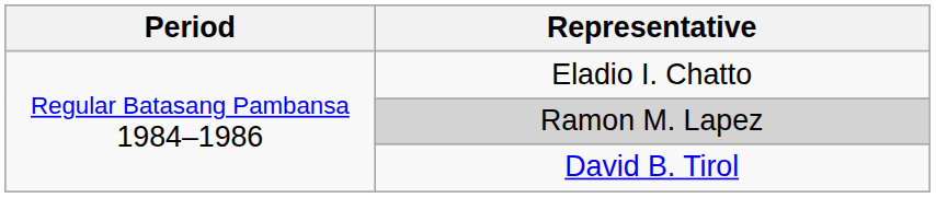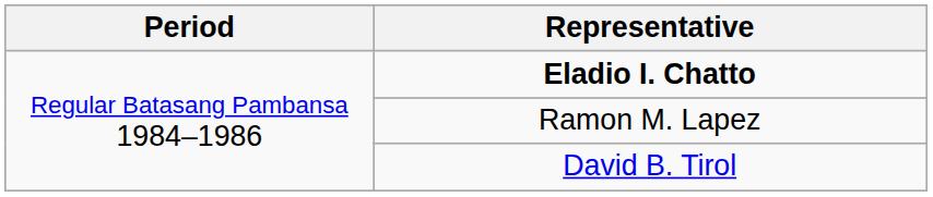 <table class="wikitable" style="text-align:center; width:40%;">
 <tr>
 <th width="40%">Period</th>
 <th>Representative</th>
 </tr>
 <tr>
 <td rowspan="3"><small><a href='#'>Regular Batasang Pambansa</a></small><br>1984–1986</td>
-<td>Eladio I. Chatto</td>
+<td><strong>Eladio I. Chatto</strong></td>
 </tr>
 <tr>
-<td style="background: lightgrey;">Ramon M. Lapez</td>
+<td>Ramon M. Lapez</td>
 </tr>
 <tr>
 <td><a href='#'>David B. Tirol</a></td>
 </tr>
 </table>
